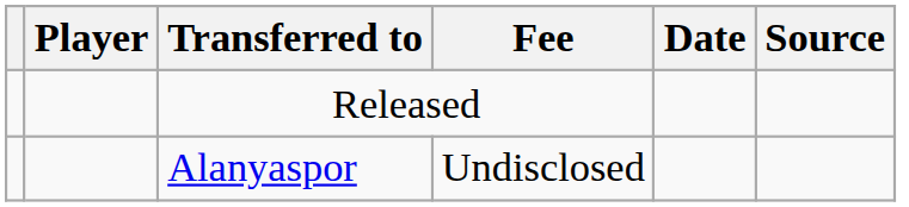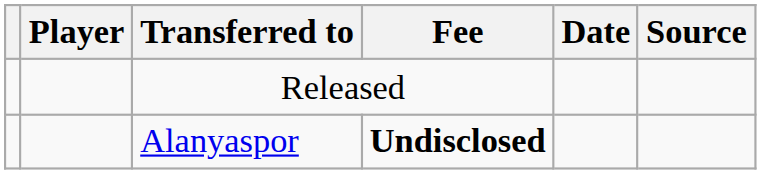 <table class="wikitable plainrowheaders sortable">
 <tr>
 <th></th>
 <th scope="col">Player</th>
 <th>Transferred to</th>
 <th style="width: 65px;">Fee</th>
 <th scope="col">Date</th>
 <th scope="col">Source</th>
 </tr>
 <tr>
 <td align="center"></td>
 <td></td>
 <td colspan="2" style="text-align: center;">Released</td>
 <td></td>
 <td></td>
 </tr>
 <tr>
 <td align="center"></td>
 <td></td>
 <td> <a href='#'>Alanyaspor</a></td>
-<td>Undisclosed</td>
+<td><strong>Undisclosed</strong></td>
 <td></td>
 <td></td>
 </tr>
 </table>
